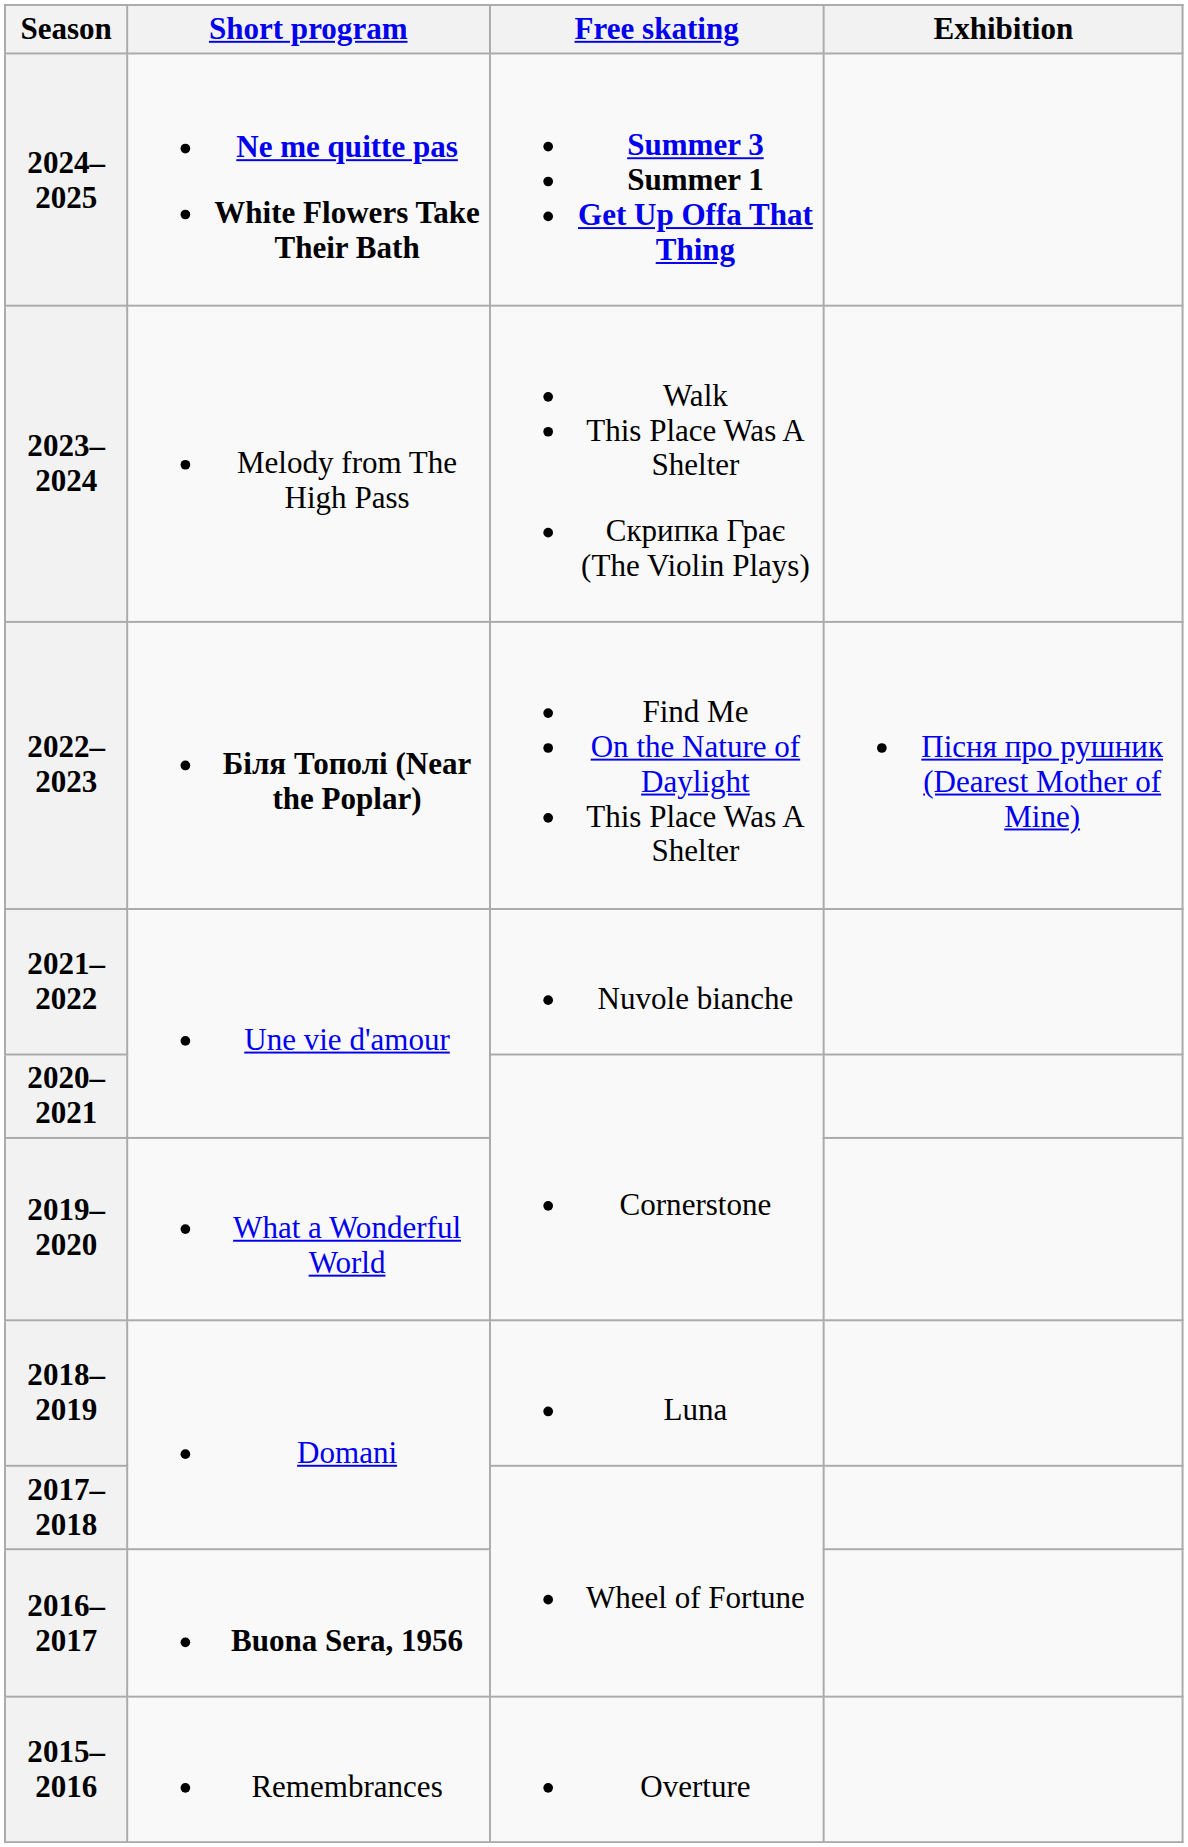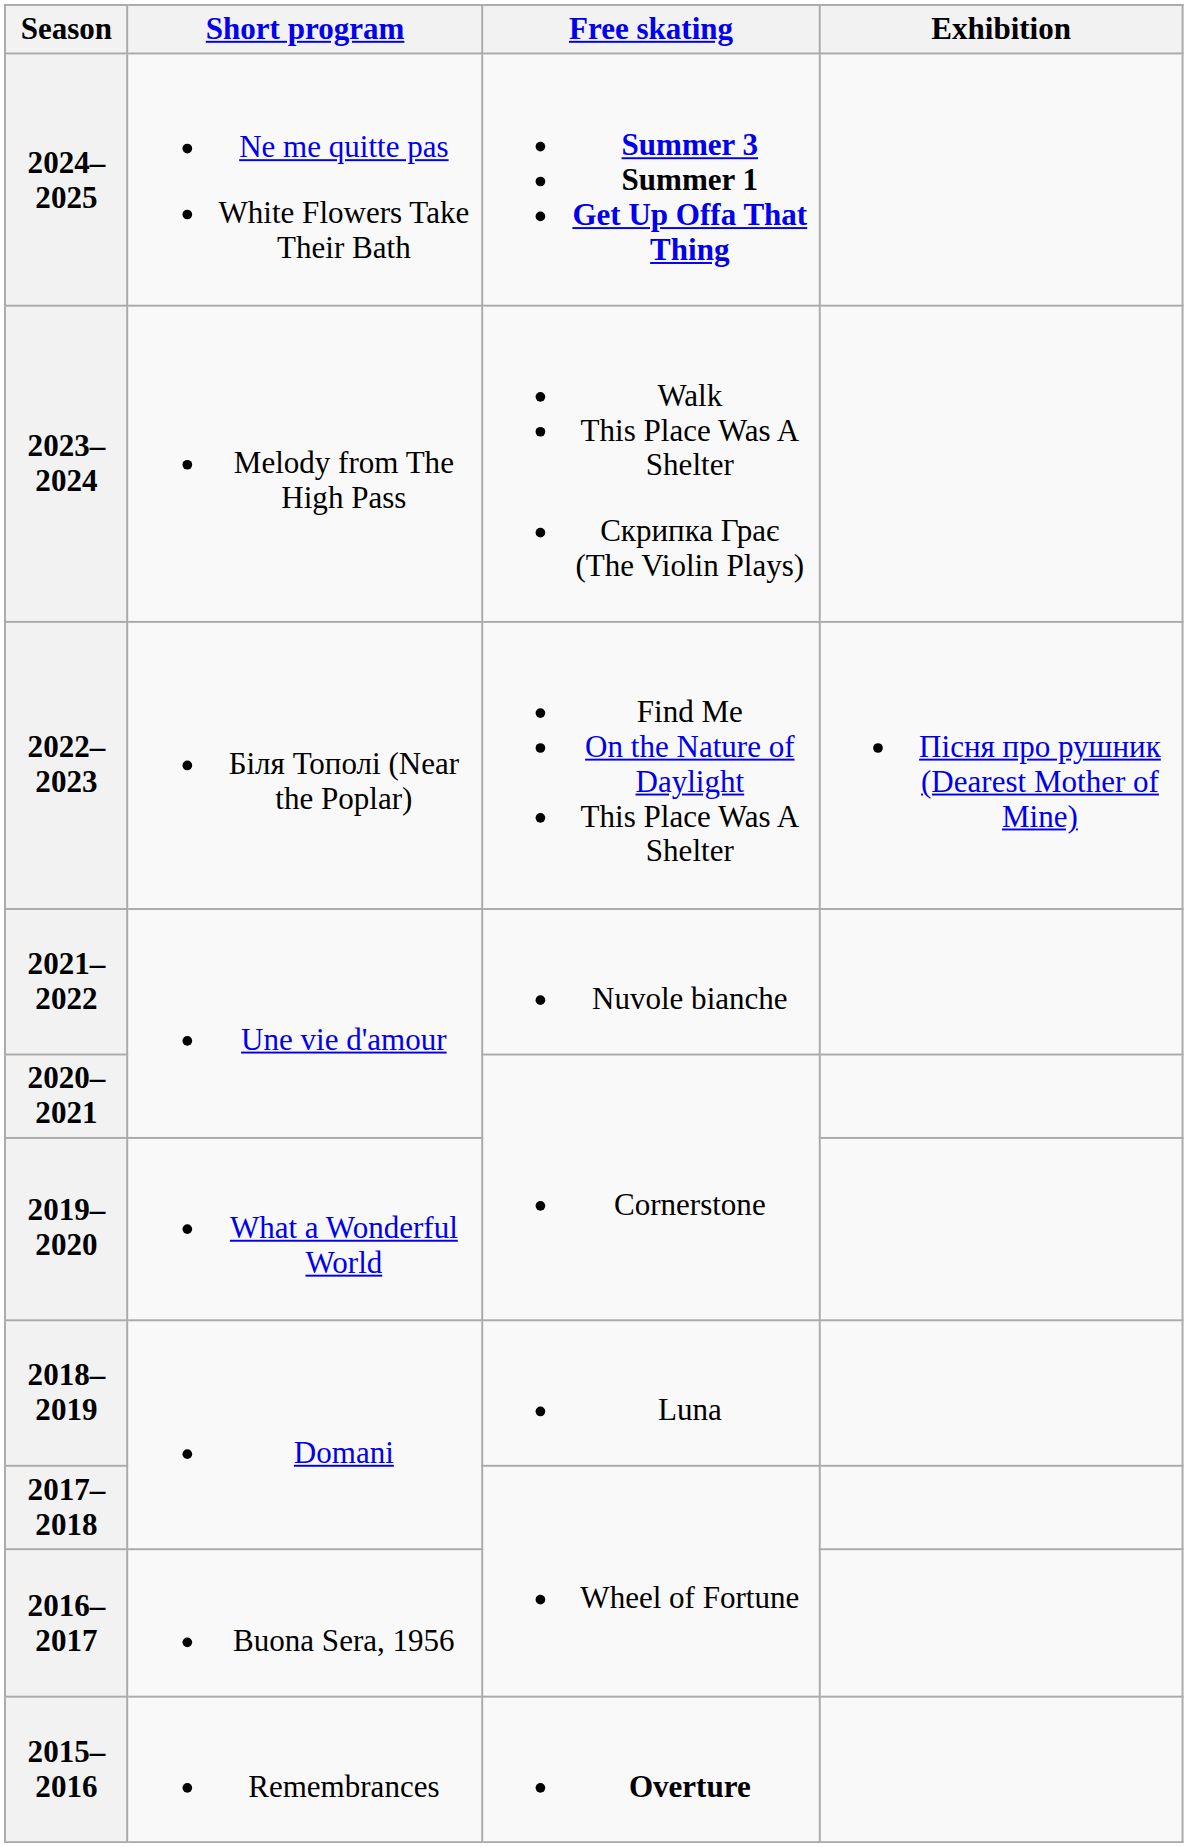 <table class=wikitable style=text-align:center>
 <tr>
 <th>Season</th>
 <th><a href='#'>Short program</a></th>
 <th><a href='#'>Free skating</a></th>
 <th>Exhibition</th>
 </tr>
 <tr>
 <th>2024–2025 <br> </th>
-<td><strong><br><ul><li><a href='#'>Ne me quitte pas</a> <br></li></ul><ul><li>White Flowers Take Their Bath <br> </li></ul></strong></td>
+<td><br><ul><li><a href='#'>Ne me quitte pas</a> <br></li></ul><ul><li>White Flowers Take Their Bath <br> </li></ul></td>
 <td><strong><br><ul><li><a href='#'>Summer 3</a></li><li>Summer 1 <br> </li><li><a href='#'>Get Up Offa That Thing</a> <br> </li></ul></strong></td>
 <td></td>
 </tr>
 <tr>
 <th>2023–2024 <br> </th>
 <td><br><ul><li>Melody from The High Pass <br> </li></ul></td>
 <td><br><ul><li>Walk <br> </li><li>This Place Was A Shelter <br> </li></ul><ul><li>Скрипка Грає (The Violin Plays) <br> </li></ul></td>
 <td></td>
 </tr>
 <tr>
 <th>2022–2023 <br> </th>
-<td><strong><br><ul><li>Біля Тополі (Near the Poplar) <br> </li></ul></strong></td>
+<td><br><ul><li>Біля Тополі (Near the Poplar) <br> </li></ul></td>
 <td><br><ul><li>Find Me <br> </li><li><a href='#'>On the Nature of Daylight</a> <br> </li><li>This Place Was A Shelter <br> </li></ul></td>
 <td><br><ul><li><a href='#'>Пісня про рушник (Dearest Mother of Mine)</a> <br></li></ul></td>
 </tr>
 <tr>
 <th>2021–2022 <br> </th>
 <td rowspan="2"><br><ul><li><a href='#'>Une vie d'amour</a> <br> </li></ul></td>
 <td><br><ul><li>Nuvole bianche <br> </li></ul></td>
 <td></td>
 </tr>
 <tr>
 <th>2020–2021 <br> </th>
 <td rowspan="2"><br><ul><li>Cornerstone <br> </li></ul></td>
 <td></td>
 </tr>
 <tr>
 <th>2019–2020 <br> </th>
 <td><br><ul><li><a href='#'>What a Wonderful World</a> <br> </li></ul></td>
 <td></td>
 </tr>
 <tr>
 <th>2018–2019 <br> </th>
 <td rowspan="2"><br><ul><li><a href='#'>Domani</a> <br> </li></ul></td>
 <td><br><ul><li>Luna <br> </li></ul></td>
 <td></td>
 </tr>
 <tr>
 <th>2017–2018 <br> </th>
 <td rowspan="2"><br><ul><li>Wheel of Fortune <br></li></ul></td>
 <td></td>
 </tr>
 <tr>
 <th>2016–2017 <br> </th>
-<td><strong><br><ul><li>Buona Sera, 1956 <br></li></ul></strong></td>
+<td><br><ul><li>Buona Sera, 1956 <br></li></ul></td>
 <td></td>
 </tr>
 <tr>
 <th>2015–2016 <br> </th>
 <td><br><ul><li>Remembrances <br></li></ul></td>
-<td><br><ul><li>Overture <br></li></ul></td>
+<td><strong><br><ul><li>Overture <br></li></ul></strong></td>
 <td></td>
 </tr>
 </table>
